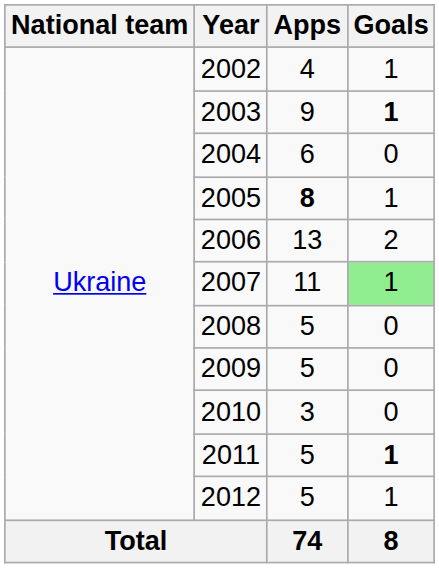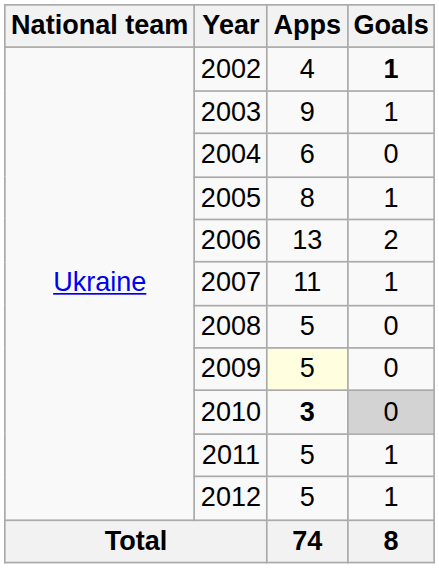 <table class="wikitable" style="text-align:center">
 <tr>
 <th>National team</th>
 <th>Year</th>
 <th>Apps</th>
 <th>Goals</th>
 </tr>
 <tr>
 <td rowspan="11"><a href='#'>Ukraine</a></td>
 <td>2002</td>
 <td>4</td>
-<td>1</td>
+<td><strong>1</strong></td>
 </tr>
 <tr>
 <td>2003</td>
 <td>9</td>
-<td><strong>1</strong></td>
+<td>1</td>
 </tr>
 <tr>
 <td>2004</td>
 <td>6</td>
 <td>0</td>
 </tr>
 <tr>
 <td>2005</td>
-<td><strong>8</strong></td>
+<td>8</td>
 <td>1</td>
 </tr>
 <tr>
 <td>2006</td>
 <td>13</td>
 <td>2</td>
 </tr>
 <tr>
 <td>2007</td>
 <td>11</td>
-<td style="background: lightgreen;">1</td>
+<td>1</td>
 </tr>
 <tr>
 <td>2008</td>
 <td>5</td>
 <td>0</td>
 </tr>
 <tr>
 <td>2009</td>
-<td>5</td>
+<td style="background: lightyellow;">5</td>
 <td>0</td>
 </tr>
 <tr>
 <td>2010</td>
-<td>3</td>
-<td>0</td>
+<td><strong>3</strong></td>
+<td style="background: lightgrey;">0</td>
 </tr>
 <tr>
 <td>2011</td>
 <td>5</td>
-<td><strong>1</strong></td>
+<td>1</td>
 </tr>
 <tr>
 <td>2012</td>
 <td>5</td>
 <td>1</td>
 </tr>
 <tr>
 <th colspan="2">Total</th>
 <th>74</th>
 <th>8</th>
 </tr>
 </table>
